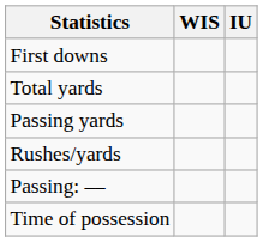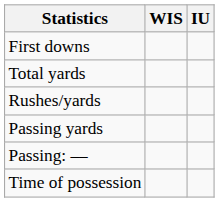 <table class="wikitable" style="float:left">
 <tr>
 <th>Statistics</th>
 <th>WIS</th>
 <th>IU</th>
 </tr>
 <tr>
 <td>First downs</td>
 <td></td>
 <td></td>
 </tr>
 <tr>
 <td>Total yards</td>
 <td></td>
 <td></td>
 </tr>
 <tr>
-<td>Passing yards</td>
+<td>Rushes/yards</td>
 <td></td>
 <td></td>
 </tr>
 <tr>
-<td>Rushes/yards</td>
+<td>Passing yards</td>
 <td></td>
 <td></td>
 </tr>
 <tr>
 <td>Passing: ––</td>
 <td></td>
 <td></td>
 </tr>
 <tr>
 <td>Time of possession</td>
 <td></td>
 <td></td>
 </tr>
 </table>
